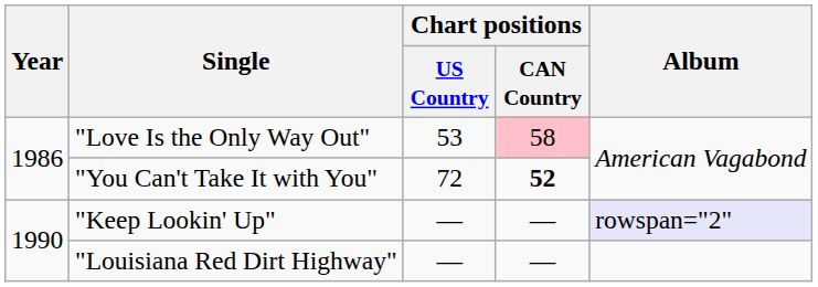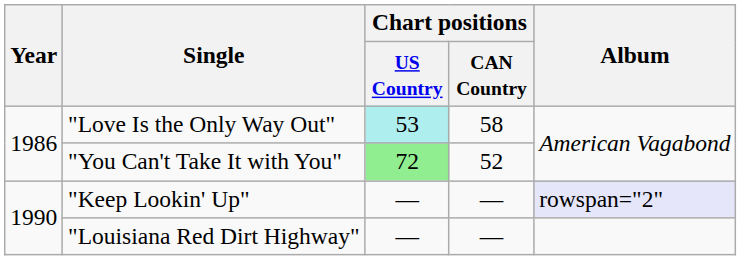 <table class="wikitable">
 <tr>
 <th rowspan="2">Year</th>
 <th rowspan="2">Single</th>
 <th colspan="2">Chart positions</th>
 <th rowspan="2">Album</th>
 </tr>
 <tr>
 <th style="width:50px;"><small><a href='#'>US Country</a></small></th>
 <th style="width:50px;"><small>CAN Country</small></th>
 </tr>
 <tr>
 <td rowspan="2">1986</td>
 <td>"Love Is the Only Way Out"</td>
-<td style="text-align:center;">53</td>
-<td style="background: pink; text-align:center;">58</td>
+<td style="background: paleturquoise; text-align:center;">53</td>
+<td style="text-align:center;">58</td>
 <td rowspan="2"><em>American Vagabond</em></td>
 </tr>
 <tr>
 <td>"You Can't Take It with You"</td>
-<td style="text-align:center;">72</td>
-<td style="text-align:center;"><strong>52</strong></td>
+<td style="background: lightgreen; text-align:center;">72</td>
+<td style="text-align:center;">52</td>
 </tr>
 <tr>
 <td rowspan="2">1990</td>
 <td>"Keep Lookin' Up"</td>
 <td style="text-align:center;">—</td>
 <td style="text-align:center;">—</td>
 <td style="background: lavender;">rowspan="2" </td>
 </tr>
 <tr>
 <td>"Louisiana Red Dirt Highway"</td>
 <td style="text-align:center;">—</td>
 <td style="text-align:center;">—</td>
 </tr>
 </table>
